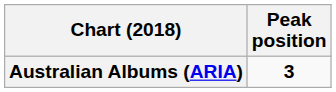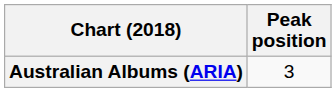 <table class="wikitable plainrowheaders" style="text-align:center">
 <tr>
 <th scope="col">Chart (2018)</th>
 <th scope="col">Peak<br> position</th>
 </tr>
 <tr>
 <th scope="row">Australian Albums (<a href='#'>ARIA</a>)</th>
-<td><strong>3</strong></td>
+<td>3</td>
 </tr>
 </table>
